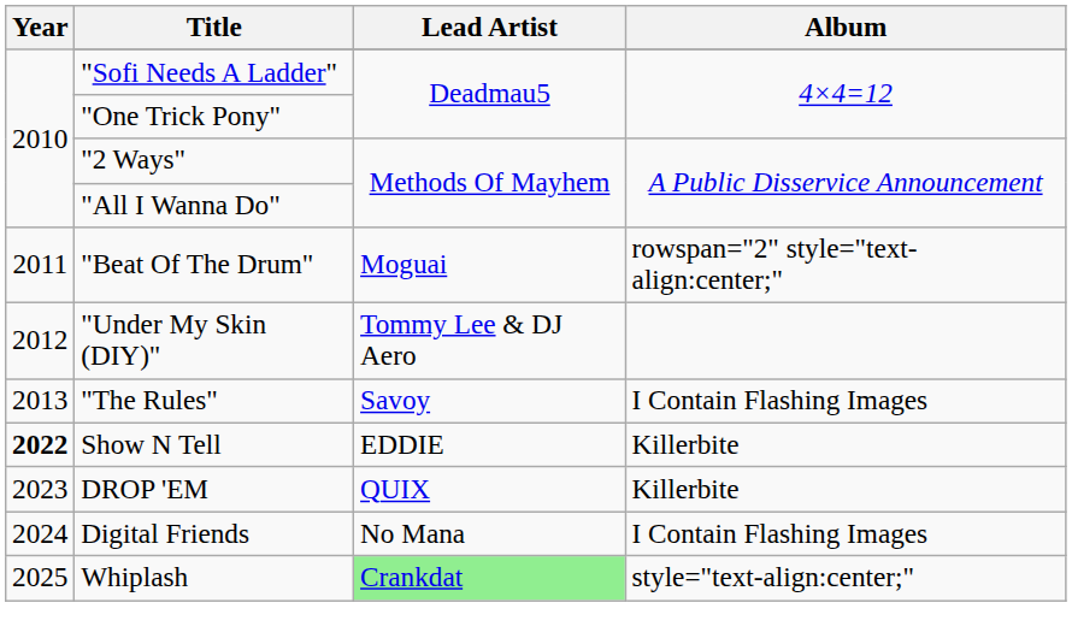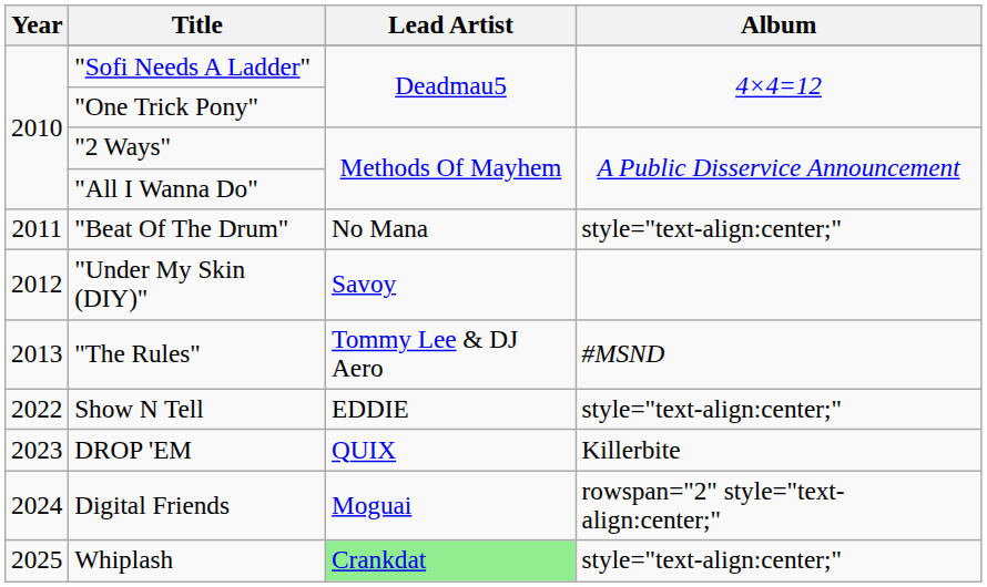 <table class="wikitable">
 <tr>
 <th>Year</th>
 <th>Title</th>
 <th>Lead Artist</th>
 <th>Album</th>
 </tr>
 <tr>
 <td rowspan="5" style="text-align:center;">2010</td>
 </tr>
 <tr>
 <td>"<a href='#'>Sofi Needs A Ladder</a>"</td>
 <td rowspan="2" style="text-align:center;"><a href='#'>Deadmau5</a></td>
 <td rowspan="2" style="text-align:center;"><em><a href='#'>4×4=12</a></em></td>
 </tr>
 <tr>
 <td>"One Trick Pony"</td>
 </tr>
 <tr>
 <td>"2 Ways"</td>
 <td rowspan="2" style="text-align:center;"><a href='#'>Methods Of Mayhem</a></td>
 <td rowspan="2" style="text-align:center;"><em><a href='#'>A Public Disservice Announcement</a></em></td>
 </tr>
 <tr>
 <td>"All I Wanna Do"</td>
 </tr>
 <tr>
 <td style="text-align:center;">2011</td>
 <td>"Beat Of The Drum"</td>
-<td><a href='#'>Moguai</a></td>
-<td>rowspan="2" style="text-align:center;" </td>
+<td>No Mana</td>
+<td>style="text-align:center;" </td>
 </tr>
 <tr>
 <td style="text-align:center;">2012</td>
 <td>"Under My Skin (DIY)"</td>
-<td><a href='#'>Tommy Lee</a> & DJ Aero</td>
+<td><a href='#'>Savoy</a></td>
 </tr>
 <tr>
 <td style="text-align:center;">2013</td>
 <td>"The Rules"</td>
-<td><a href='#'>Savoy</a></td>
-<td>I Contain Flashing Images</td>
+<td><a href='#'>Tommy Lee</a> & DJ Aero</td>
+<td><em>#MSND</em></td>
 </tr>
 <tr>
-<td style="text-align:center;"><strong>2022</strong></td>
+<td style="text-align:center;">2022</td>
 <td>Show N Tell</td>
 <td>EDDIE</td>
-<td>Killerbite</td>
+<td>style="text-align:center;" </td>
 </tr>
 <tr>
 <td style="text-align:center;">2023</td>
 <td>DROP 'EM</td>
 <td><a href='#'>QUIX</a></td>
 <td>Killerbite</td>
 </tr>
 <tr>
 <td style="text-align:center;">2024</td>
 <td>Digital Friends</td>
-<td>No Mana</td>
-<td>I Contain Flashing Images</td>
+<td><a href='#'>Moguai</a></td>
+<td>rowspan="2" style="text-align:center;" </td>
 </tr>
 <tr>
 <td style="test-align:center;">2025</td>
 <td>Whiplash</td>
 <td style="background: lightgreen;"><a href='#'>Crankdat</a></td>
 <td>style="text-align:center;" </td>
 </tr>
 </table>
